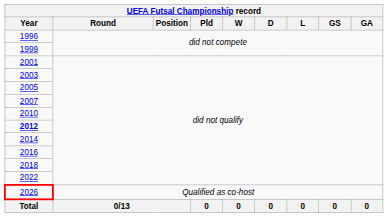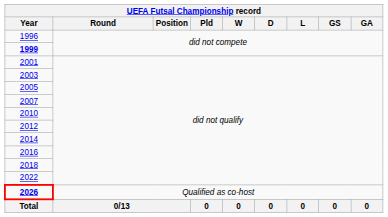 <table class="wikitable" width=50% style="text-align: center;font-size:85%;">
 <tr>
 <th colspan=9><a href='#'>UEFA Futsal Championship</a> record</th>
 </tr>
 <tr>
 <th width=12%>Year</th>
 <th width=25%>Round</th>
 <th width=6%>Position</th>
 <th width=8%>Pld</th>
 <th width=8%>W</th>
 <th width=8%>D</th>
 <th width=8%>L</th>
 <th width=8%>GS</th>
 <th width=8%>GA</th>
 </tr>
 <tr>
 <td> <a href='#'>1996</a></td>
 <td rowspan=2 colspan=8><em>did not compete</em></td>
 </tr>
 <tr>
-<td> <a href='#'>1999</a></td>
+<td><strong> <a href='#'>1999</a></strong></td>
 </tr>
 <tr>
 <td> <a href='#'>2001</a></td>
 <td rowspan=10 colspan=8><em>did not qualify</em></td>
 </tr>
 <tr>
 <td> <a href='#'>2003</a></td>
 </tr>
 <tr>
 <td> <a href='#'>2005</a></td>
 </tr>
 <tr>
 <td> <a href='#'>2007</a></td>
 </tr>
 <tr>
 <td> <a href='#'>2010</a></td>
 </tr>
 <tr>
-<td><strong> <a href='#'>2012</a></strong></td>
+<td> <a href='#'>2012</a></td>
 </tr>
 <tr>
 <td> <a href='#'>2014</a></td>
 </tr>
 <tr>
 <td> <a href='#'>2016</a></td>
 </tr>
 <tr>
 <td> <a href='#'>2018</a></td>
 </tr>
 <tr>
 <td> <a href='#'>2022</a></td>
 </tr>
 <tr>
-<td style="border: 3px solid red"> <a href='#'>2026</a></td>
+<td style="border: 3px solid red"><strong> <a href='#'>2026</a></strong></td>
 <td colspan=8><em>Qualified as co-host</em></td>
 </tr>
 <tr>
 <th><strong>Total</strong></th>
 <th colspan=2>0/13</th>
 <th>0</th>
 <th>0</th>
 <th>0</th>
 <th>0</th>
 <th>0</th>
 <th>0</th>
 </tr>
 </table>
